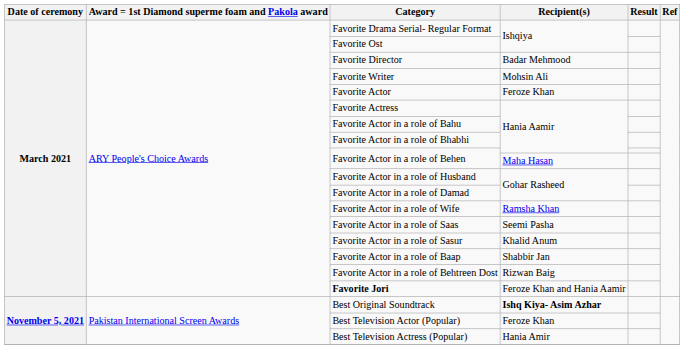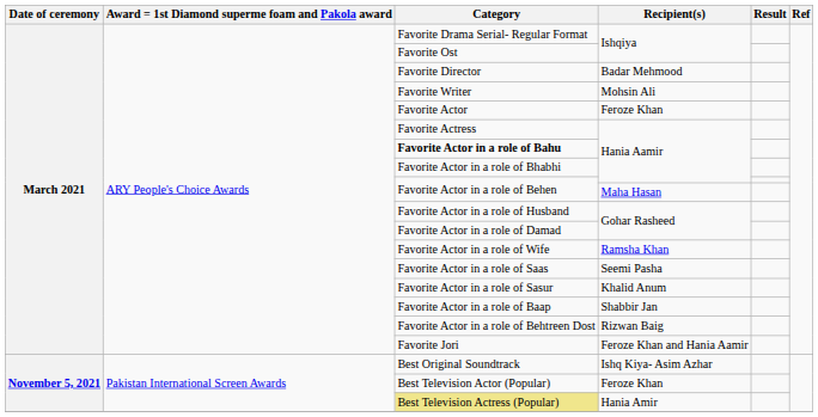 <table class="wikitable">
 <tr>
 <th>Date of ceremony</th>
 <th>Award =   1st Diamond superme foam  and    <a href='#'>Pakola</a>  award</th>
 <th>Category</th>
 <th>Recipient(s)</th>
 <th>Result</th>
 <th>Ref</th>
 </tr>
 <tr>
 <th rowspan="18">March 2021</th>
 <td rowspan="18"><a href='#'>ARY People's Choice Awards</a></td>
 <td>Favorite Drama Serial- Regular Format</td>
 <td rowspan=2>Ishqiya</td>
 <td></td>
 <td rowspan="18"></td>
 </tr>
 <tr>
 <td>Favorite Ost</td>
 <td></td>
 </tr>
 <tr>
 <td>Favorite Director</td>
 <td>Badar Mehmood</td>
 <td></td>
 </tr>
 <tr>
 <td>Favorite Writer</td>
 <td>Mohsin Ali</td>
 <td></td>
 </tr>
 <tr>
 <td>Favorite Actor</td>
 <td>Feroze Khan</td>
 <td></td>
 </tr>
 <tr>
 <td>Favorite Actress</td>
 <td rowspan=4>Hania Aamir</td>
 <td></td>
 </tr>
 <tr>
-<td>Favorite Actor in a role of Bahu</td>
+<td><strong>Favorite Actor in a role of Bahu</strong></td>
 <td></td>
 </tr>
 <tr>
 <td>Favorite Actor in a role of Bhabhi</td>
 <td></td>
 </tr>
 <tr>
 <td rowspan=2>Favorite Actor in a role of Behen</td>
 <td></td>
 </tr>
 <tr>
 <td><a href='#'>Maha Hasan</a></td>
 <td></td>
 </tr>
 <tr>
 <td>Favorite Actor in a role of Husband</td>
 <td rowspan=2>Gohar Rasheed</td>
 <td></td>
 </tr>
 <tr>
 <td>Favorite Actor in a role of Damad</td>
 <td></td>
 </tr>
 <tr>
 <td>Favorite Actor in a role of Wife</td>
 <td><a href='#'>Ramsha Khan</a></td>
 <td></td>
 </tr>
 <tr>
 <td>Favorite Actor in a role of Saas</td>
 <td>Seemi Pasha</td>
 <td></td>
 </tr>
 <tr>
 <td>Favorite Actor in a role of Sasur</td>
 <td>Khalid Anum</td>
 <td></td>
 </tr>
 <tr>
 <td>Favorite Actor in a role of Baap</td>
 <td>Shabbir Jan</td>
 <td></td>
 </tr>
 <tr>
 <td>Favorite Actor in a role of Behtreen Dost</td>
 <td>Rizwan Baig</td>
 <td></td>
 </tr>
 <tr>
-<td><strong>Favorite Jori</strong></td>
+<td>Favorite Jori</td>
 <td>Feroze Khan and Hania Aamir</td>
 <td></td>
 </tr>
 <tr>
 <th rowspan="3"><a href='#'>November 5, 2021</a></th>
 <td rowspan="3"><a href='#'>Pakistan International Screen Awards</a></td>
 <td>Best Original Soundtrack</td>
-<td><strong>Ishq Kiya- Asim Azhar</strong></td>
+<td>Ishq Kiya- Asim Azhar</td>
 <td></td>
 <td rowspan="3"></td>
 </tr>
 <tr>
 <td>Best Television Actor (Popular)</td>
 <td>Feroze Khan</td>
 <td></td>
 </tr>
 <tr>
-<td>Best Television Actress (Popular)</td>
+<td style="background: khaki;">Best Television Actress (Popular)</td>
 <td>Hania Amir</td>
 <td></td>
 </tr>
 <tr>
 </tr>
 </table>
